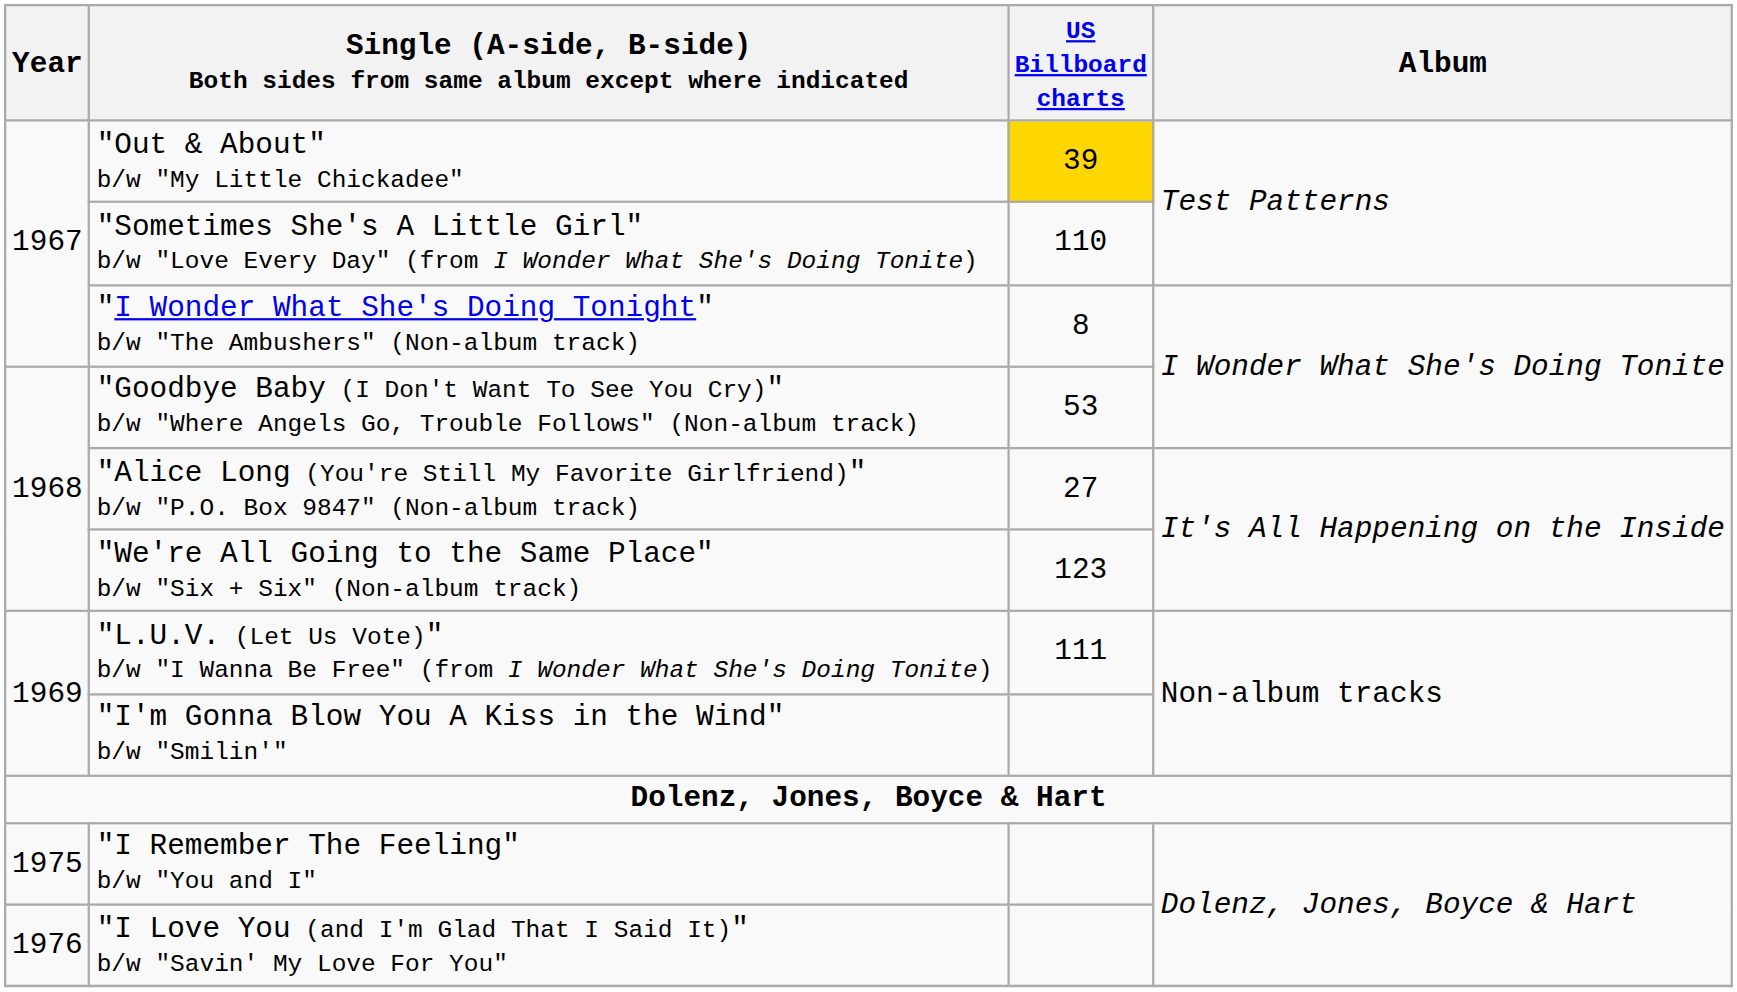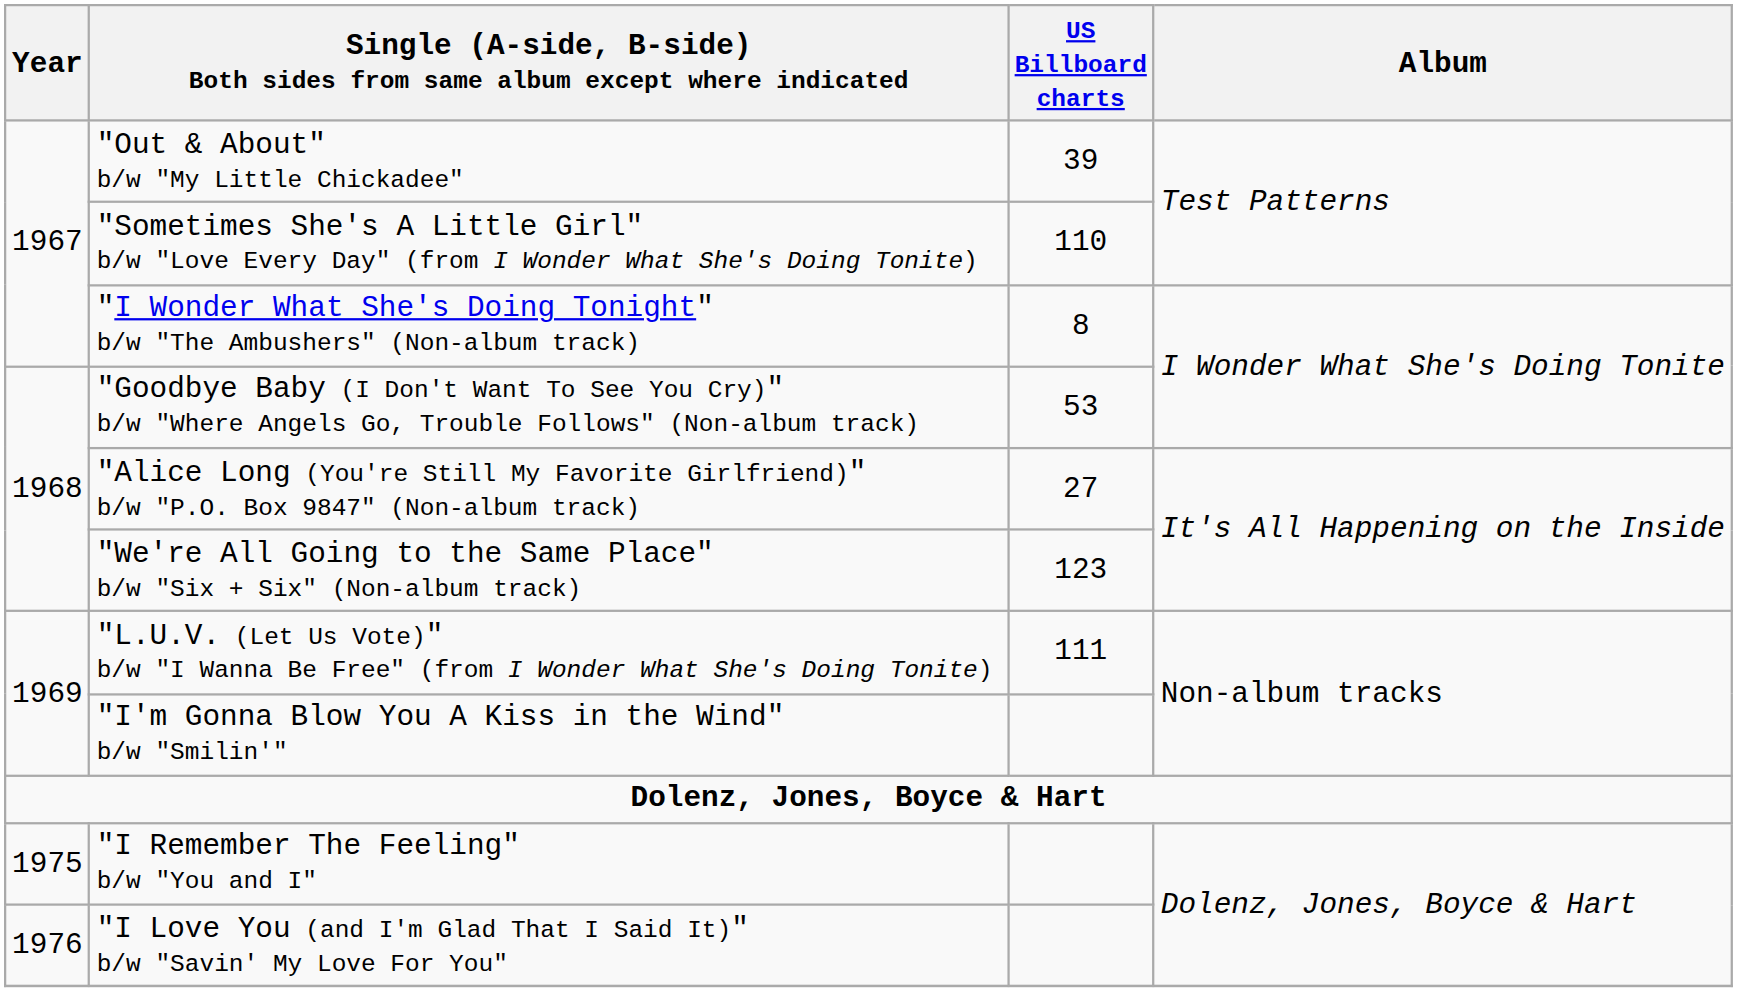 <table class="wikitable" style="text-align:center;">
 <tr>
 <th rowspan="1">Year</th>
 <th width="400" rowspan="1">Single (A-side, B-side)<br><small>Both sides from same album except where indicated</small></th>
 <th colspan="1" width="40"><small><a href='#'>US Billboard<br>charts</a></small></th>
 <th rowspan="1">Album</th>
 </tr>
 <tr>
 <td rowspan="3">1967</td>
 <td align="left">"Out & About"<br><small>b/w "My Little Chickadee"</small></td>
-<td align="center" style="background: gold;">39</td>
+<td align="center">39</td>
 <td align="left" rowspan="2"><em>Test Patterns</em></td>
 </tr>
 <tr>
 <td align="left">"Sometimes She's A Little Girl"<br><small>b/w "Love Every Day" (from <em>I Wonder What She's Doing Tonite</em>)</small></td>
 <td align="center">110</td>
 </tr>
 <tr>
 <td align="left">"<a href='#'>I Wonder What She's Doing Tonight</a>"<br><small>b/w "The Ambushers" (Non-album track)</small></td>
 <td align="center">8</td>
 <td align="left" rowspan="2"><em>I Wonder What She's Doing Tonite</em></td>
 </tr>
 <tr>
 <td rowspan="3">1968</td>
 <td align="left">"Goodbye Baby<small> (I Don't Want To See You Cry)</small>"<br><small>b/w "Where Angels Go, Trouble Follows" (Non-album track)</small></td>
 <td align="center">53</td>
 </tr>
 <tr>
 <td align="left">"Alice Long<small> (You're Still My Favorite Girlfriend)</small>"<br><small>b/w "P.O. Box 9847" (Non-album track)</small></td>
 <td align="center">27</td>
 <td align="left" rowspan="2"><em>It's All Happening on the Inside</em></td>
 </tr>
 <tr>
 <td align="left">"We're All Going to the Same Place"<br><small>b/w "Six + Six" (Non-album track)</small></td>
 <td align="center">123</td>
 </tr>
 <tr>
 <td rowspan="2">1969</td>
 <td align="left">"L.U.V.<small> (Let Us Vote)</small>"<br><small>b/w "I Wanna Be Free" (from <em>I Wonder What She's Doing Tonite</em>)</small></td>
 <td align="center">111</td>
 <td align="left" rowspan="2">Non-album tracks</td>
 </tr>
 <tr>
 <td align="left">"I'm Gonna Blow You A Kiss in the Wind"<br><small>b/w "Smilin'"</small></td>
 <td align="center"></td>
 </tr>
 <tr>
 <td colspan=4><strong>Dolenz, Jones, Boyce & Hart</strong></td>
 </tr>
 <tr>
 <td>1975</td>
 <td align="left">"I Remember The Feeling"<br><small>b/w "You and I"</small></td>
 <td align="center"></td>
 <td align="left" rowspan="2"><em>Dolenz, Jones, Boyce & Hart</em></td>
 </tr>
 <tr>
 <td>1976</td>
 <td align="left">"I Love You<small> (and I'm Glad That I Said It)</small>"<br><small>b/w "Savin' My Love For You"</small></td>
 <td align="center"></td>
 </tr>
 <tr>
 </tr>
 </table>
